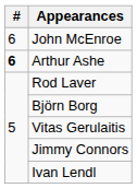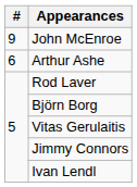 <table class="wikitable" style="display:inline-table;">
 <tr>
 <th width=20>#</th>
 <th>Appearances</th>
 </tr>
 <tr>
-<td>6</td>
+<td>9</td>
 <td> John McEnroe</td>
 </tr>
 <tr>
-<td><strong>6</strong></td>
+<td>6</td>
 <td> Arthur Ashe</td>
 </tr>
 <tr>
 <td rowspan="5">5</td>
 <td> Rod Laver</td>
 </tr>
 <tr>
 <td> Björn Borg</td>
 </tr>
 <tr>
 <td> Vitas Gerulaitis</td>
 </tr>
 <tr>
 <td> Jimmy Connors</td>
 </tr>
 <tr>
 <td> Ivan Lendl</td>
 </tr>
 </table>
